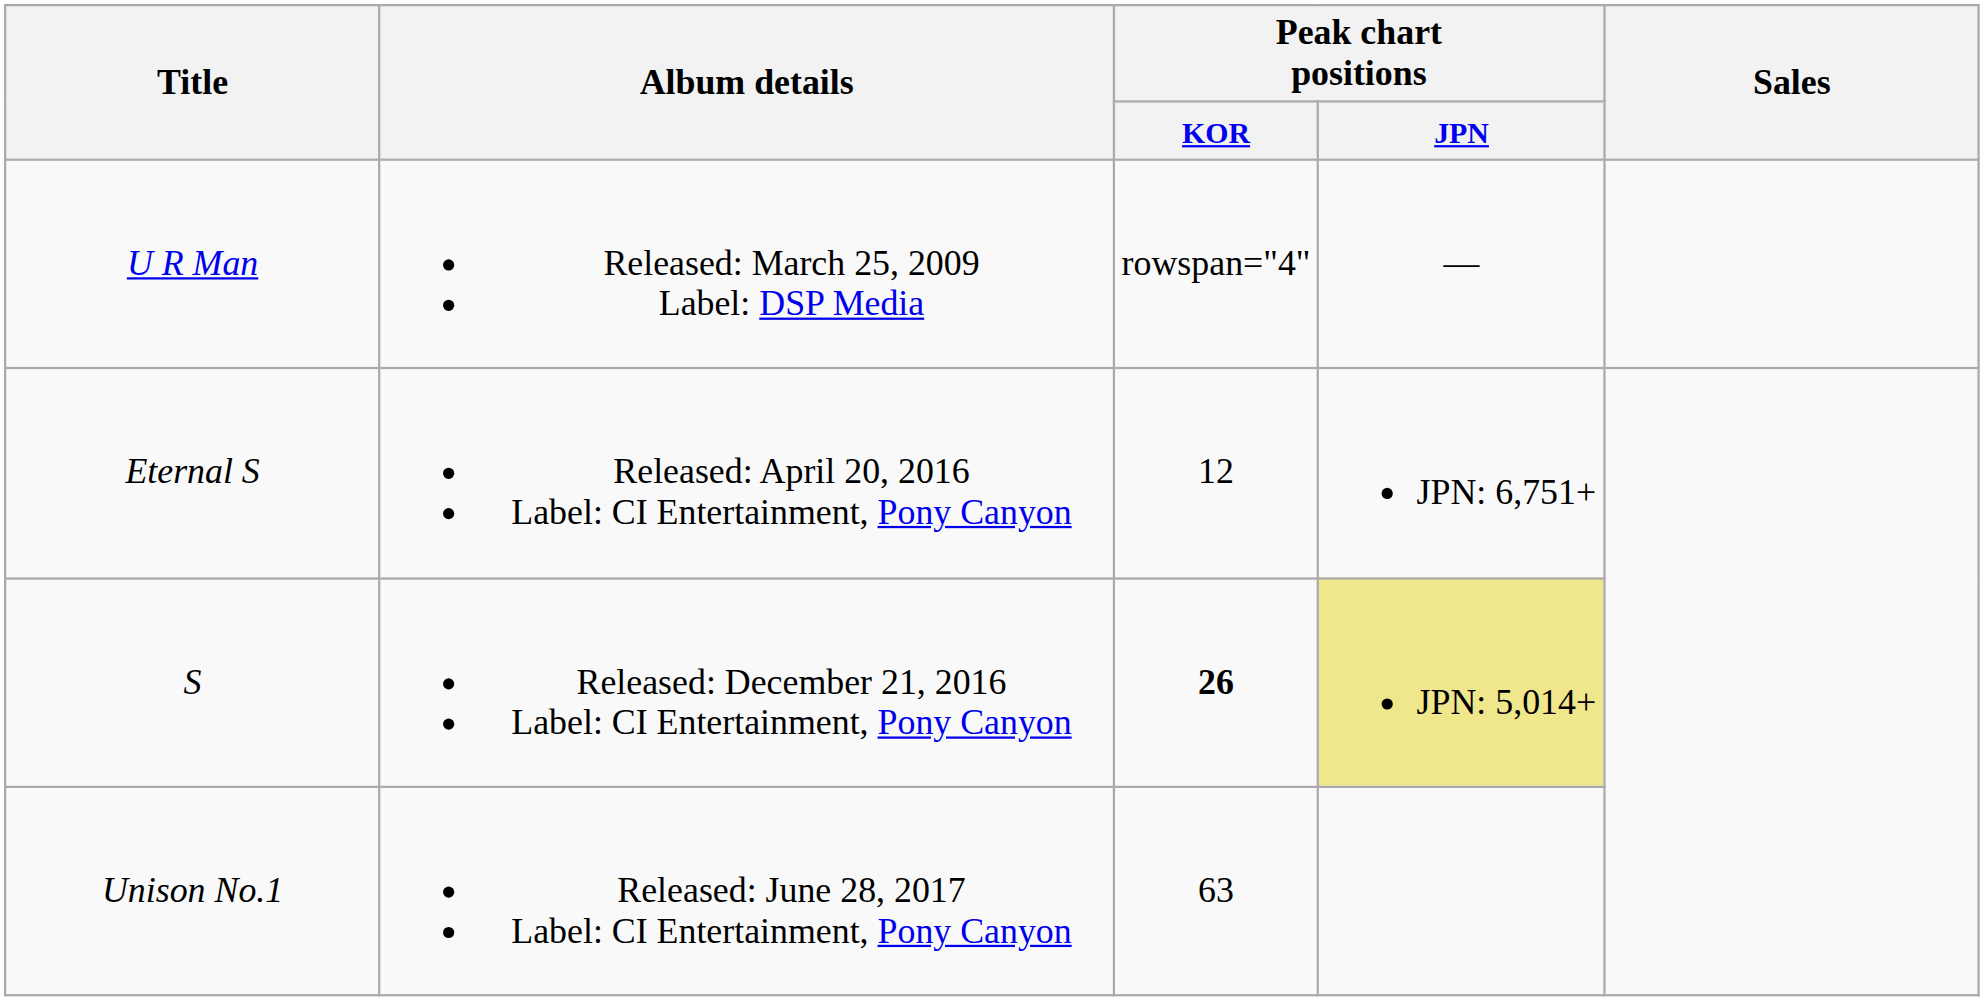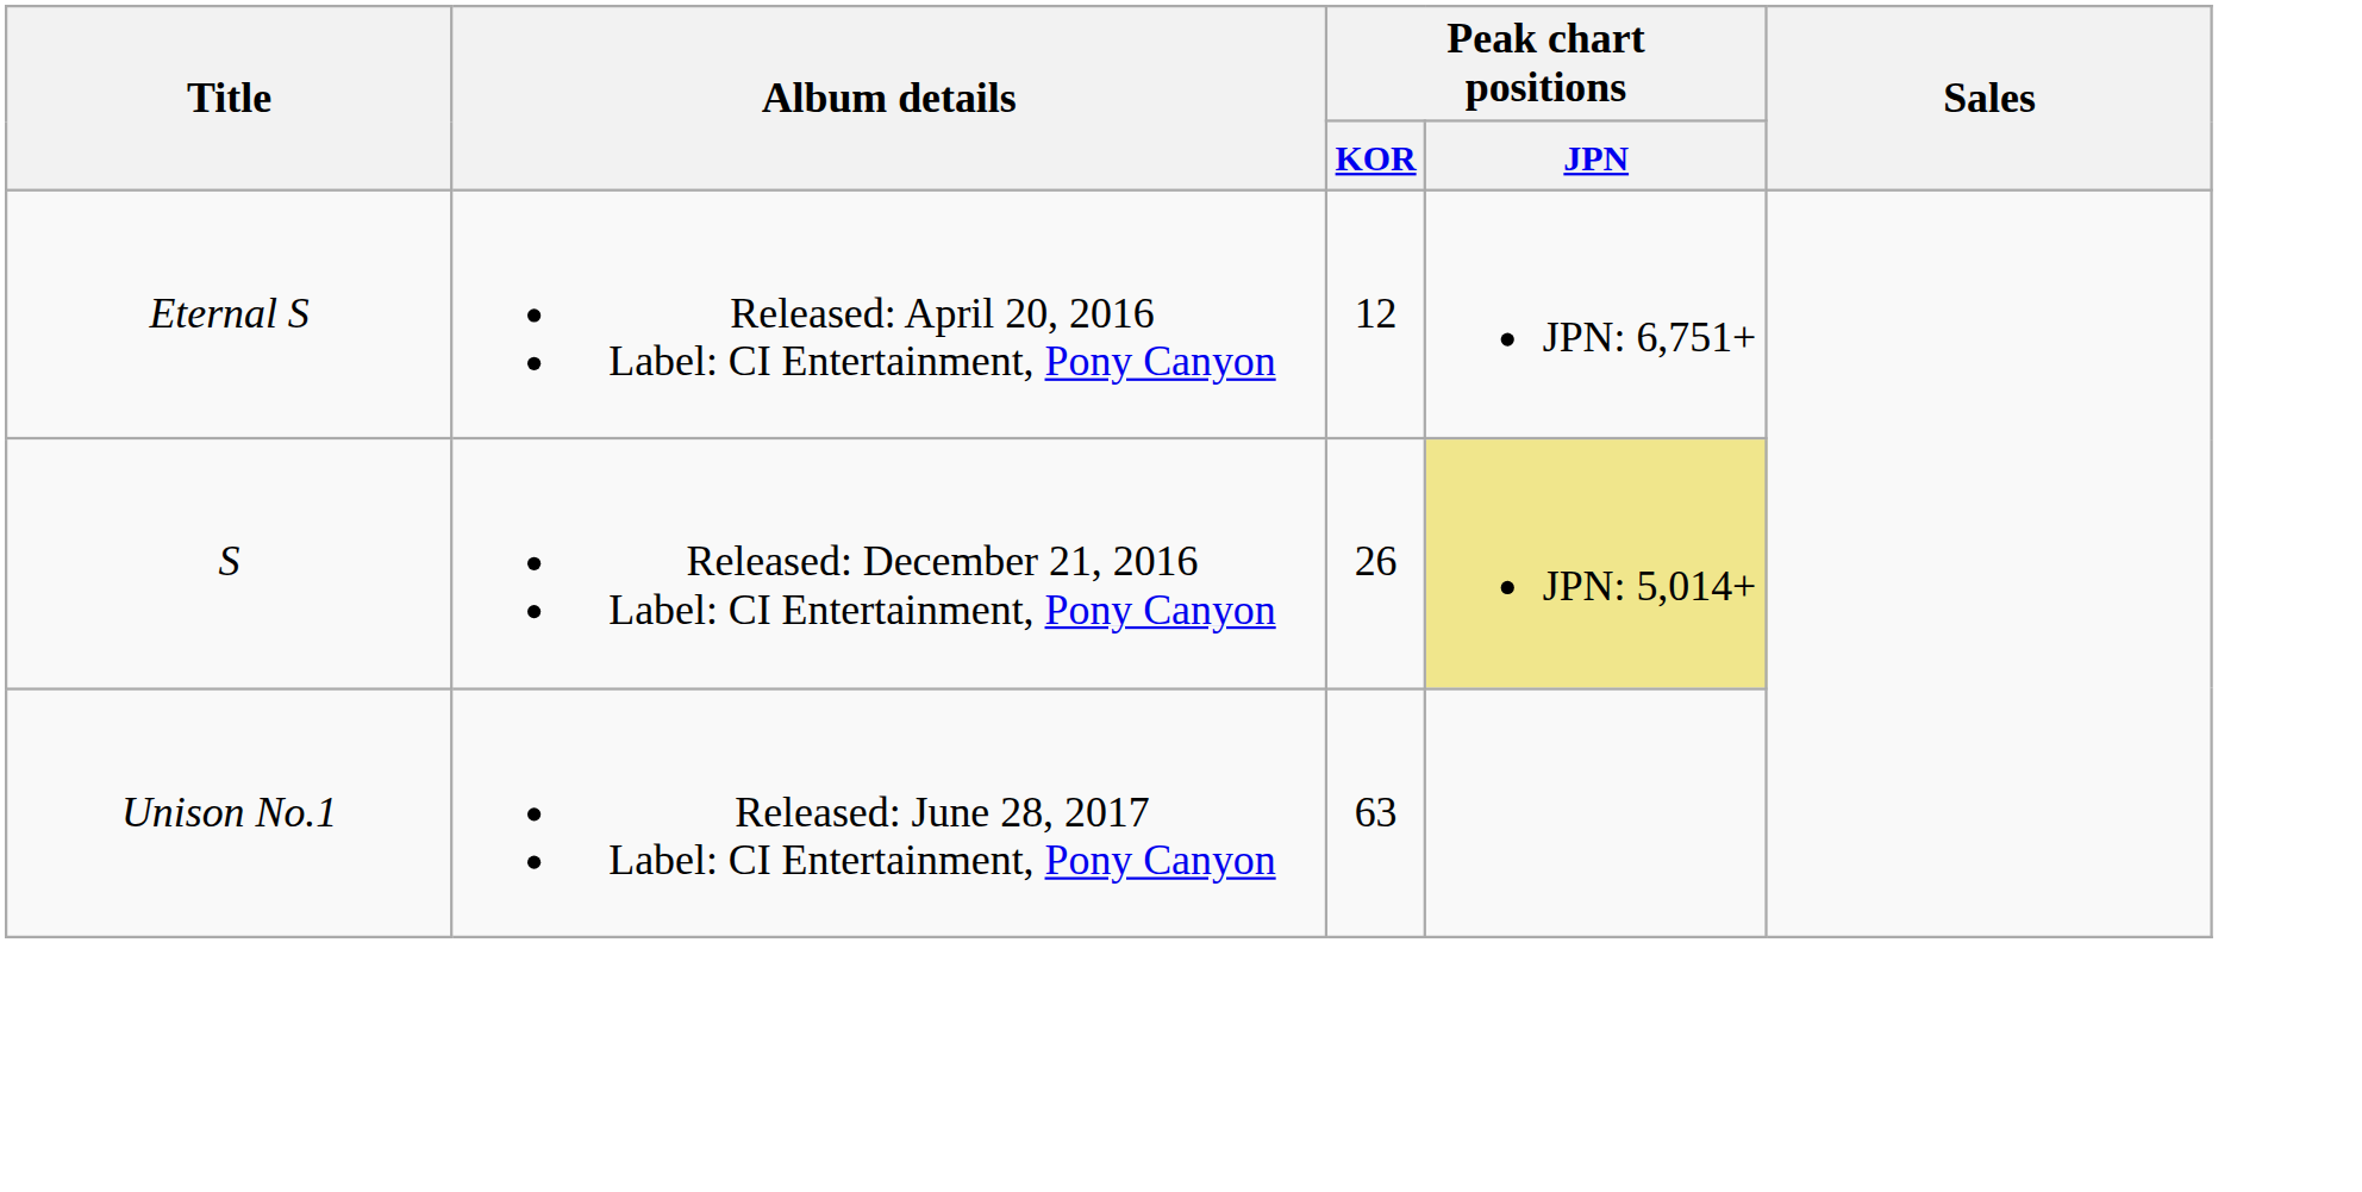 <table class="wikitable plainrowheaders" style="text-align:center;">
 <tr>
 <th scope="col" rowspan="2" style="width:10em;">Title</th>
 <th scope="col" rowspan="2" style="width:20em;">Album details</th>
 <th scope="col" colspan="2">Peak chart <br> positions</th>
 <th scope="col" rowspan="2" style="width:10em;">Sales</th>
 </tr>
 <tr>
 <th><small><a href='#'>KOR</a></small><br></th>
 <th><small><a href='#'>JPN</a></small><br></th>
 </tr>
 <tr>
-<td><em><a href='#'>U R Man</a></em></td>
-<td><br><ul><li>Released: March 25, 2009</li><li>Label: <a href='#'>DSP Media</a></li></ul></td>
-<td>rowspan="4" </td>
-<td>—</td>
-<td></td>
-</tr>
-<tr>
 <td><em>Eternal S</em></td>
 <td><br><ul><li>Released: April 20, 2016</li><li>Label: CI Entertainment, <a href='#'>Pony Canyon</a></li></ul></td>
 <td>12</td>
 <td><br><ul><li>JPN: 6,751+</li></ul></td>
 </tr>
 <tr>
 <td><em>S</em></td>
 <td><br><ul><li>Released: December 21, 2016</li><li>Label: CI Entertainment, <a href='#'>Pony Canyon</a></li></ul></td>
-<td><strong>26</strong></td>
+<td>26</td>
 <td style="background: khaki;"><br><ul><li>JPN: 5,014+</li></ul></td>
 </tr>
 <tr>
 <td><em>Unison No.1</em></td>
 <td><br><ul><li>Released: June 28, 2017</li><li>Label: CI Entertainment, <a href='#'>Pony Canyon</a></li></ul></td>
 <td>63</td>
 <td></td>
 </tr>
 </table>
